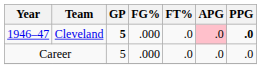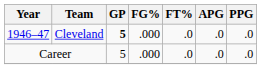 <table class="wikitable sortable" style="font-size:95%; text-align:right;">
 <tr>
 <th>Year</th>
 <th>Team</th>
 <th>GP</th>
 <th>FG%</th>
 <th>FT%</th>
 <th>APG</th>
 <th>PPG</th>
 </tr>
 <tr>
 <td style="text-align:left;"><a href='#'>1946–47</a></td>
 <td style="text-align:left;"><a href='#'>Cleveland</a></td>
 <td><strong>5</strong></td>
 <td>.000</td>
 <td>.0</td>
-<td style="background: pink;">.0</td>
-<td><strong>.0</strong></td>
+<td>.0</td>
+<td>.0</td>
 </tr>
 <tr>
 <td style="text-align:center;" colspan="2">Career</td>
 <td>5</td>
 <td>.000</td>
 <td>.0</td>
 <td>.0</td>
 <td>.0</td>
 </tr>
 <tr>
 </tr>
 </table>
